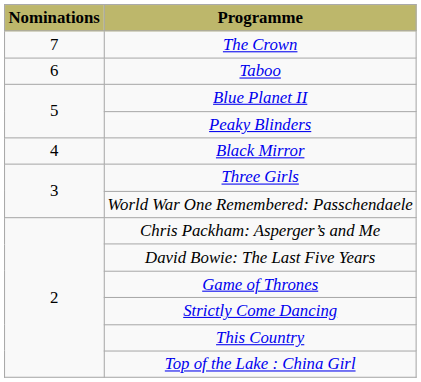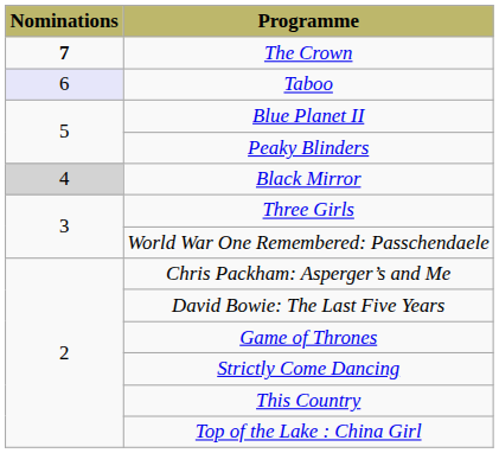 <table class="wikitable" style="text-align:center;">
 <tr>
 <th style="background:#BDB76B;">Nominations</th>
 <th style="background:#BDB76B;">Programme</th>
 </tr>
 <tr>
-<td>7</td>
+<td><strong>7</strong></td>
 <td><em><a href='#'>The Crown</a></em></td>
 </tr>
 <tr>
-<td>6</td>
+<td style="background: lavender;">6</td>
 <td><em><a href='#'>Taboo</a></em></td>
 </tr>
 <tr>
 <td rowspan="2">5</td>
 <td><em><a href='#'>Blue Planet II</a></em></td>
 </tr>
 <tr>
 <td><em><a href='#'>Peaky Blinders</a></em></td>
 </tr>
 <tr>
-<td>4</td>
+<td style="background: lightgrey;">4</td>
 <td><em><a href='#'>Black Mirror</a></em></td>
 </tr>
 <tr>
 <td rowspan="2">3</td>
 <td><em><a href='#'>Three Girls</a></em></td>
 </tr>
 <tr>
 <td><em>World War One Remembered: Passchendaele</em></td>
 </tr>
 <tr>
 <td rowspan="6">2</td>
 <td><em>Chris Packham: Asperger’s and Me</em></td>
 </tr>
 <tr>
 <td><em>David Bowie: The Last Five Years</em></td>
 </tr>
 <tr>
 <td><em><a href='#'>Game of Thrones</a></em></td>
 </tr>
 <tr>
 <td><em><a href='#'>Strictly Come Dancing</a></em></td>
 </tr>
 <tr>
 <td><em><a href='#'>This Country</a></em></td>
 </tr>
 <tr>
 <td><em><a href='#'>Top of the Lake : China Girl</a></em></td>
 </tr>
 </table>
